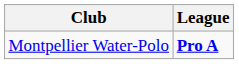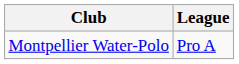 <table class="wikitable">
 <tr>
 <th>Club</th>
 <th>League</th>
 </tr>
 <tr>
 <td><a href='#'>Montpellier Water-Polo</a></td>
-<td><strong><a href='#'>Pro A</a></strong></td>
+<td><a href='#'>Pro A</a></td>
 </tr>
 </table>
